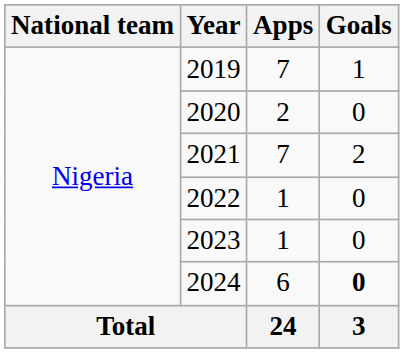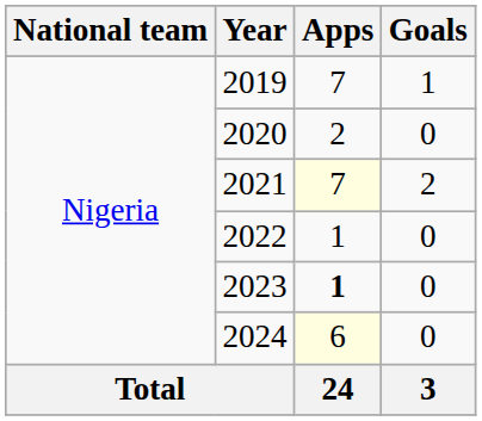 <table class="wikitable" style="text-align:center">
 <tr>
 <th>National team</th>
 <th>Year</th>
 <th>Apps</th>
 <th>Goals</th>
 </tr>
 <tr>
 <td rowspan="6"><a href='#'>Nigeria</a></td>
 <td>2019</td>
 <td>7</td>
 <td>1</td>
 </tr>
 <tr>
 <td>2020</td>
 <td>2</td>
 <td>0</td>
 </tr>
 <tr>
 <td>2021</td>
-<td>7</td>
+<td style="background: lightyellow;">7</td>
 <td>2</td>
 </tr>
 <tr>
 <td>2022</td>
 <td>1</td>
 <td>0</td>
 </tr>
 <tr>
 <td>2023</td>
-<td>1</td>
+<td><strong>1</strong></td>
 <td>0</td>
 </tr>
 <tr>
 <td>2024</td>
-<td>6</td>
-<td><strong>0</strong></td>
+<td style="background: lightyellow;">6</td>
+<td>0</td>
 </tr>
 <tr>
 <th colspan="2">Total</th>
 <th>24</th>
 <th>3</th>
 </tr>
 </table>
